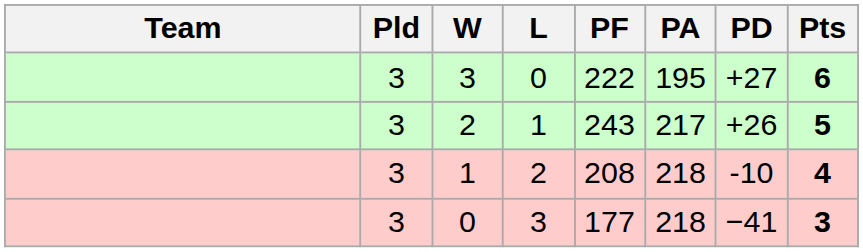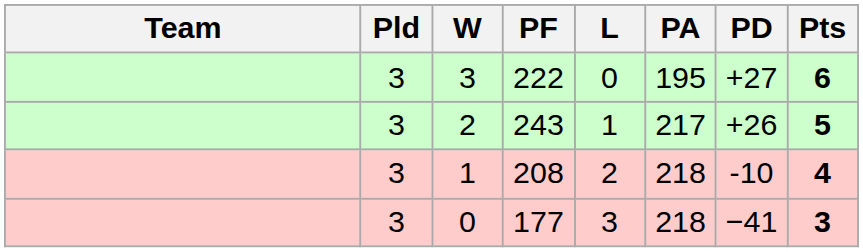 <table class=wikitable style="text-align:center">
 <tr>
 <th width=180>Team</th>
 <th width=30>Pld</th>
 <th width=30>W</th>
+<th width=30>PF</th>
 <th width=30>L</th>
-<th width=30>PF</th>
 <th width=30>PA</th>
 <th width=30>PD</th>
 <th width=30>Pts</th>
 </tr>
 <tr bgcolor="#ccffcc">
 <td align=left></td>
 <td>3</td>
 <td>3</td>
+<td>222</td>
 <td>0</td>
-<td>222</td>
 <td>195</td>
 <td>+27</td>
 <td><strong>6</strong></td>
 </tr>
 <tr bgcolor="#ccffcc">
 <td align=left></td>
 <td>3</td>
 <td>2</td>
+<td>243</td>
 <td>1</td>
-<td>243</td>
 <td>217</td>
 <td>+26</td>
 <td><strong>5</strong></td>
 </tr>
 <tr bgcolor=ffcccc>
 <td align=left></td>
 <td>3</td>
 <td>1</td>
+<td>208</td>
 <td>2</td>
-<td>208</td>
 <td>218</td>
 <td>-10</td>
 <td><strong>4</strong></td>
 </tr>
 <tr bgcolor=ffcccc>
 <td align=left></td>
 <td>3</td>
 <td>0</td>
+<td>177</td>
 <td>3</td>
-<td>177</td>
 <td>218</td>
 <td>−41</td>
 <td><strong>3</strong></td>
 </tr>
 </table>
